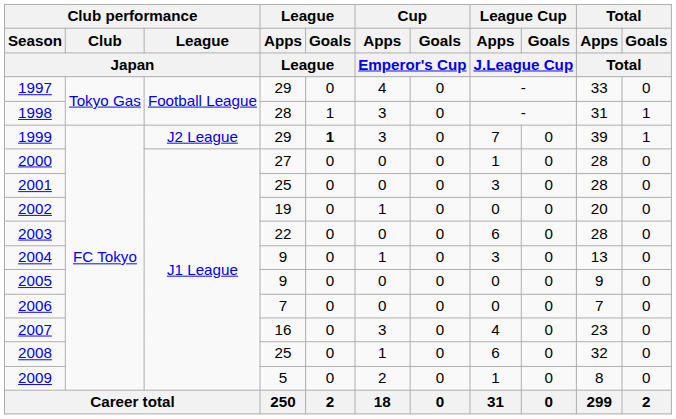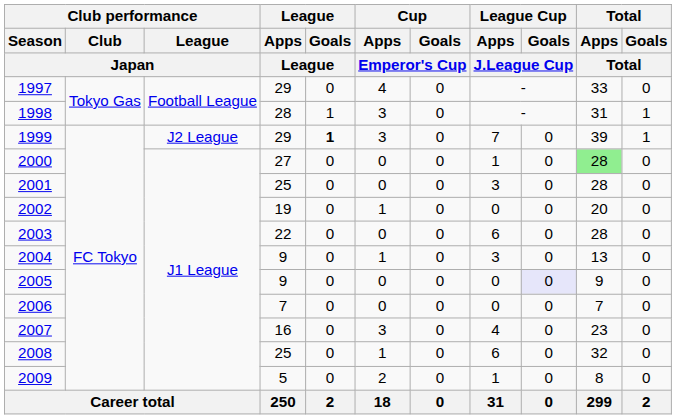 <table class="wikitable" style="text-align:center">
 <tr>
 <th colspan=3>Club performance</th>
 <th colspan=2>League</th>
 <th colspan=2>Cup</th>
 <th colspan=2>League Cup</th>
 <th colspan=2>Total</th>
 </tr>
 <tr>
 <th>Season</th>
 <th>Club</th>
 <th>League</th>
 <th>Apps</th>
 <th>Goals</th>
 <th>Apps</th>
 <th>Goals</th>
 <th>Apps</th>
 <th>Goals</th>
 <th>Apps</th>
 <th>Goals</th>
 </tr>
 <tr>
 <th colspan=3>Japan</th>
 <th colspan=2>League</th>
 <th colspan=2><a href='#'>Emperor's Cup</a></th>
 <th colspan=2><a href='#'>J.League Cup</a></th>
 <th colspan=2>Total</th>
 </tr>
 <tr>
 <td><a href='#'>1997</a></td>
 <td rowspan="2"><a href='#'>Tokyo Gas</a></td>
 <td rowspan="2"><a href='#'>Football League</a></td>
 <td>29</td>
 <td>0</td>
 <td>4</td>
 <td>0</td>
 <td colspan="2">-</td>
 <td>33</td>
 <td>0</td>
 </tr>
 <tr>
 <td><a href='#'>1998</a></td>
 <td>28</td>
 <td>1</td>
 <td>3</td>
 <td>0</td>
 <td colspan="2">-</td>
 <td>31</td>
 <td>1</td>
 </tr>
 <tr>
 <td><a href='#'>1999</a></td>
 <td rowspan="11"><a href='#'>FC Tokyo</a></td>
 <td rowspan="1"><a href='#'>J2 League</a></td>
 <td>29</td>
 <td><strong>1</strong></td>
 <td>3</td>
 <td>0</td>
 <td>7</td>
 <td>0</td>
 <td>39</td>
 <td>1</td>
 </tr>
 <tr>
 <td><a href='#'>2000</a></td>
 <td rowspan="10"><a href='#'>J1 League</a></td>
 <td>27</td>
 <td>0</td>
 <td>0</td>
 <td>0</td>
 <td>1</td>
 <td>0</td>
-<td>28</td>
+<td style="background: lightgreen;">28</td>
 <td>0</td>
 </tr>
 <tr>
 <td><a href='#'>2001</a></td>
 <td>25</td>
 <td>0</td>
 <td>0</td>
 <td>0</td>
 <td>3</td>
 <td>0</td>
 <td>28</td>
 <td>0</td>
 </tr>
 <tr>
 <td><a href='#'>2002</a></td>
 <td>19</td>
 <td>0</td>
 <td>1</td>
 <td>0</td>
 <td>0</td>
 <td>0</td>
 <td>20</td>
 <td>0</td>
 </tr>
 <tr>
 <td><a href='#'>2003</a></td>
 <td>22</td>
 <td>0</td>
 <td>0</td>
 <td>0</td>
 <td>6</td>
 <td>0</td>
 <td>28</td>
 <td>0</td>
 </tr>
 <tr>
 <td><a href='#'>2004</a></td>
 <td>9</td>
 <td>0</td>
 <td>1</td>
 <td>0</td>
 <td>3</td>
 <td>0</td>
 <td>13</td>
 <td>0</td>
 </tr>
 <tr>
 <td><a href='#'>2005</a></td>
 <td>9</td>
 <td>0</td>
 <td>0</td>
 <td>0</td>
 <td>0</td>
-<td>0</td>
+<td style="background: lavender;">0</td>
 <td>9</td>
 <td>0</td>
 </tr>
 <tr>
 <td><a href='#'>2006</a></td>
 <td>7</td>
 <td>0</td>
 <td>0</td>
 <td>0</td>
 <td>0</td>
 <td>0</td>
 <td>7</td>
 <td>0</td>
 </tr>
 <tr>
 <td><a href='#'>2007</a></td>
 <td>16</td>
 <td>0</td>
 <td>3</td>
 <td>0</td>
 <td>4</td>
 <td>0</td>
 <td>23</td>
 <td>0</td>
 </tr>
 <tr>
 <td><a href='#'>2008</a></td>
 <td>25</td>
 <td>0</td>
 <td>1</td>
 <td>0</td>
 <td>6</td>
 <td>0</td>
 <td>32</td>
 <td>0</td>
 </tr>
 <tr>
 <td><a href='#'>2009</a></td>
 <td>5</td>
 <td>0</td>
 <td>2</td>
 <td>0</td>
 <td>1</td>
 <td>0</td>
 <td>8</td>
 <td>0</td>
 </tr>
 <tr>
 <th colspan=3>Career total</th>
 <th>250</th>
 <th>2</th>
 <th>18</th>
 <th>0</th>
 <th>31</th>
 <th>0</th>
 <th>299</th>
 <th>2</th>
 </tr>
 </table>
